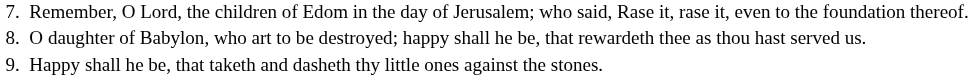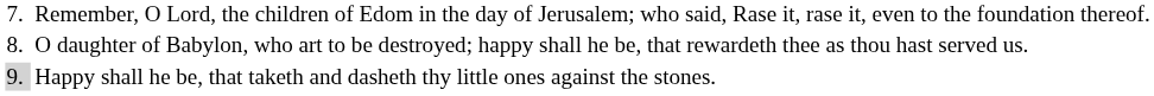 <table>
 <tr style="vertical-align: top;">
 <td>7. </td>
 <td>Remember, O Lord, the children of Edom in the day of Jerusalem; who said, Rase it, rase it, even to the foundation thereof.</td>
 </tr>
 <tr style="vertical-align: top;">
 <td>8. </td>
 <td>O daughter of Babylon, who art to be destroyed; happy shall he be, that rewardeth thee as thou hast served us.</td>
 </tr>
 <tr style="vertical-align: top;">
-<td>9. </td>
+<td style="background: lightgrey;">9. </td>
 <td>Happy shall he be, that taketh and dasheth thy little ones against the stones.</td>
 </tr>
 </table>
